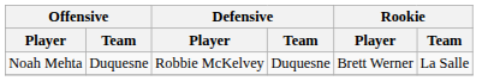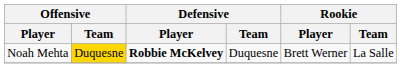 <table class="wikitable">
 <tr>
 <th colspan="2">Offensive</th>
 <th colspan="2">Defensive</th>
 <th colspan="2">Rookie</th>
 </tr>
 <tr>
 <th>Player</th>
 <th>Team</th>
 <th>Player</th>
 <th>Team</th>
 <th>Player</th>
 <th>Team</th>
 </tr>
 <tr>
 <td>Noah Mehta</td>
-<td>Duquesne</td>
-<td>Robbie McKelvey</td>
+<td style="background: gold;">Duquesne</td>
+<td><strong>Robbie McKelvey</strong></td>
 <td>Duquesne</td>
 <td>Brett Werner</td>
 <td>La Salle</td>
 </tr>
 <tr>
 </tr>
 </table>
